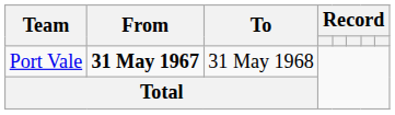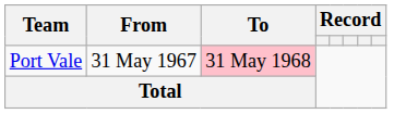 <table class="wikitable" style="text-align: center">
 <tr>
 <th rowspan="2">Team</th>
 <th rowspan="2">From</th>
 <th rowspan="2">To</th>
 <th colspan=5>Record</th>
 </tr>
 <tr>
 <th></th>
 <th></th>
 <th></th>
 <th></th>
 <th></th>
 </tr>
 <tr>
 <td align=left><a href='#'>Port Vale</a></td>
-<td align=left><strong>31 May 1967</strong></td>
-<td align=left>31 May 1968<br></td>
+<td align=left>31 May 1967</td>
+<td align=left style="background: pink;">31 May 1968<br></td>
 </tr>
 <tr>
 <th colspan="3">Total<br></th>
 </tr>
 </table>
